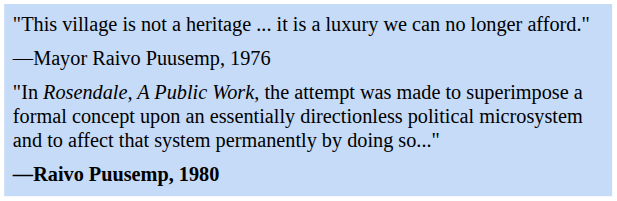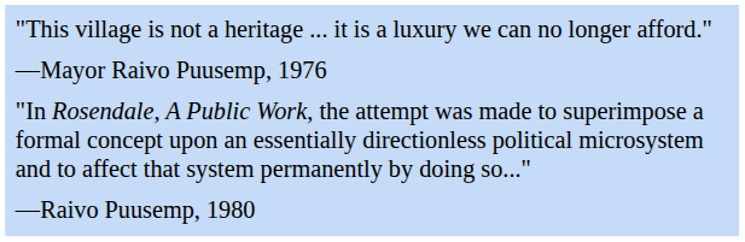 <table class="toccolours" style="float: right; clear: right; margin-left: 1em; margin-right: 2em; margin-bottom: 2em; font-size: 85%; background:#c6dbf7; color:black; width:30em; max-width: 40%;" cellspacing="5">
 <tr>
 <td style="text-align: left;">"This village is not a heritage ... it is a luxury we can no longer afford."</td>
 </tr>
 <tr>
 <td style="text-align: left;">—Mayor Raivo Puusemp, 1976</td>
 </tr>
 <tr>
 <td style="text-align: left;">"In <em>Rosendale, A Public Work</em>, the attempt was made to superimpose a formal concept upon an essentially directionless political microsystem and to affect that system permanently by doing so..."</td>
 </tr>
 <tr>
-<td style="text-align: left;"><strong>—Raivo Puusemp, 1980</strong></td>
+<td style="text-align: left;">—Raivo Puusemp, 1980</td>
 </tr>
 </table>
